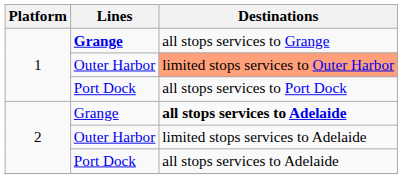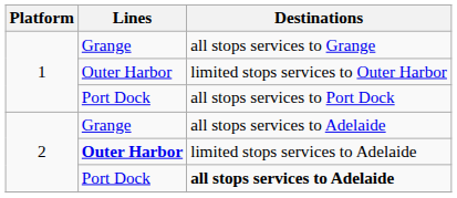 <table class="wikitable" style="float: none; margin: 0.5em; ">
 <tr>
 <th>Platform</th>
 <th>Lines</th>
 <th>Destinations</th>
 </tr>
 <tr>
 <td rowspan="3" style="text-align:center;">1</td>
-<td style=background:#><strong><a href='#'><span>Grange</span></a></strong></td>
+<td style=background:#><a href='#'><span>Grange</span></a></td>
 <td>all stops services to <a href='#'>Grange</a></td>
 </tr>
 <tr>
 <td style=background:#><a href='#'><span>Outer Harbor</span></a></td>
-<td style="background: lightsalmon;">limited stops services to <a href='#'>Outer Harbor</a></td>
+<td>limited stops services to <a href='#'>Outer Harbor</a></td>
 </tr>
 <tr>
 <td style=background:#><a href='#'><span>Port Dock</span></a></td>
 <td>all stops services to <a href='#'>Port Dock</a></td>
 </tr>
 <tr>
 <td rowspan="3" style="text-align:center;">2</td>
 <td style=background:#><a href='#'><span>Grange</span></a></td>
-<td><strong>all stops services to <a href='#'>Adelaide</a></strong></td>
+<td>all stops services to <a href='#'>Adelaide</a></td>
 </tr>
 <tr>
-<td style=background:#><a href='#'><span>Outer Harbor</span></a></td>
+<td style=background:#><strong><a href='#'><span>Outer Harbor</span></a></strong></td>
 <td>limited stops services to Adelaide</td>
 </tr>
 <tr>
 <td style=background:#><a href='#'><span>Port Dock</span></a></td>
-<td>all stops services to Adelaide</td>
+<td><strong>all stops services to Adelaide</strong></td>
 </tr>
 <tr>
 </tr>
 </table>
